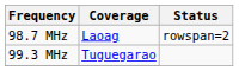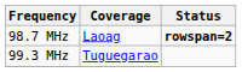 <table class="wikitable">
 <tr>
 <th>Frequency</th>
 <th>Coverage</th>
 <th>Status</th>
 </tr>
 <tr>
 <td>98.7 MHz</td>
 <td><a href='#'>Laoag</a></td>
-<td>rowspan=2 </td>
+<td><strong>rowspan=2 </strong></td>
 </tr>
 <tr>
 <td>99.3 MHz</td>
 <td><a href='#'>Tuguegarao</a></td>
 </tr>
 <tr>
 </tr>
 </table>
